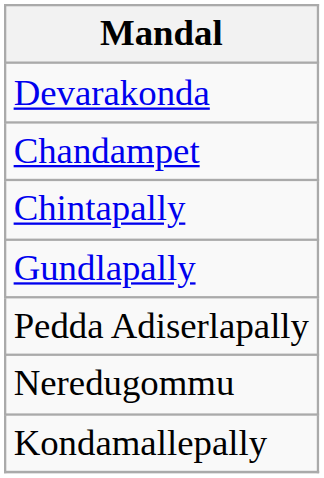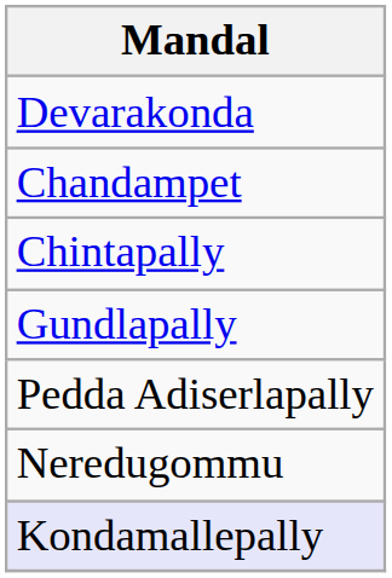 <table class="wikitable sortable static-row-numbers static-row-header-hash">
 <tr>
 <th>Mandal</th>
 </tr>
 <tr>
 <td><a href='#'>Devarakonda</a></td>
 </tr>
 <tr>
 <td><a href='#'>Chandampet</a></td>
 </tr>
 <tr>
 <td><a href='#'>Chintapally</a></td>
 </tr>
 <tr>
 <td><a href='#'>Gundlapally</a></td>
 </tr>
 <tr>
 <td>Pedda Adiserlapally</td>
 </tr>
 <tr>
 <td>Neredugommu</td>
 </tr>
 <tr>
-<td>Kondamallepally</td>
+<td style="background: lavender;">Kondamallepally</td>
 </tr>
 <tr>
 </tr>
 </table>
